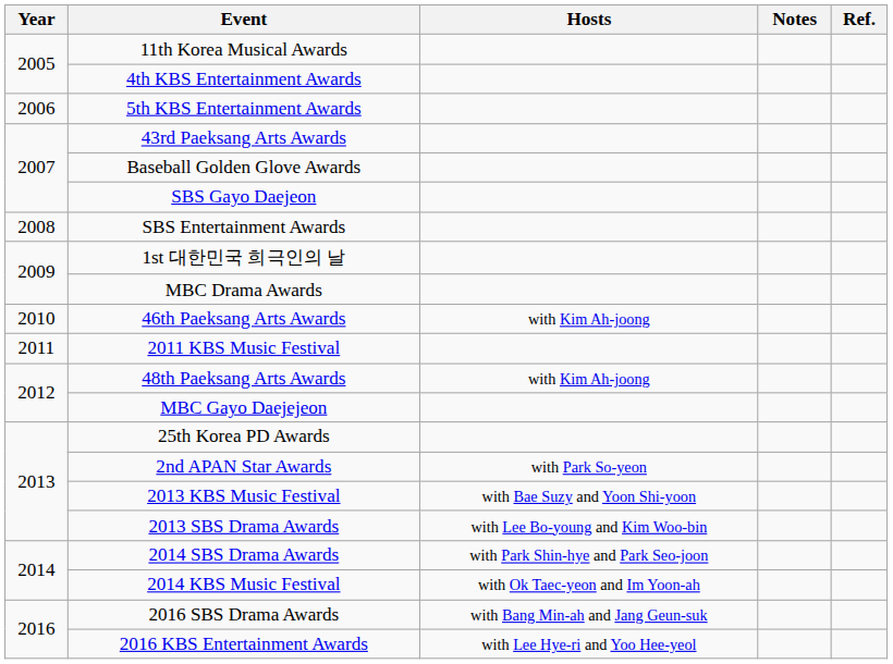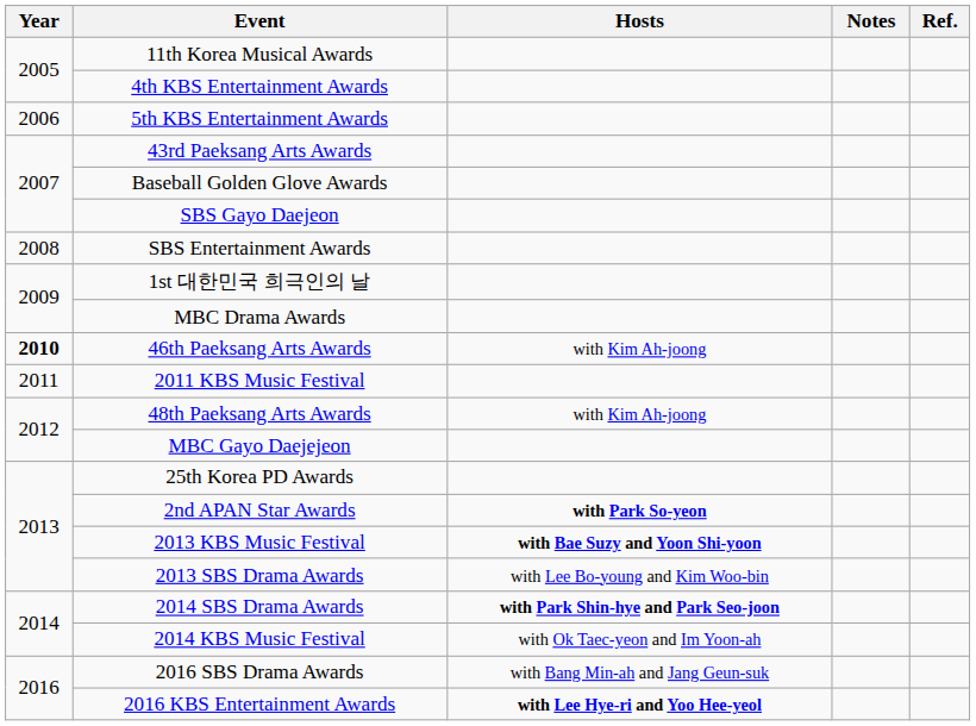 <table class="wikitable" style="text-align:center" width=60%>
 <tr>
 <th>Year</th>
 <th>Event</th>
 <th>Hosts</th>
 <th>Notes</th>
 <th>Ref.</th>
 </tr>
 <tr>
 <td rowspan=2>2005</td>
 <td>11th Korea Musical Awards</td>
 <td></td>
 <td></td>
 <td></td>
 </tr>
 <tr>
 <td><a href='#'>4th KBS Entertainment Awards</a></td>
 <td></td>
 <td></td>
 <td></td>
 </tr>
 <tr>
 <td>2006</td>
 <td><a href='#'>5th KBS Entertainment Awards</a></td>
 <td></td>
 <td></td>
 <td></td>
 </tr>
 <tr>
 <td rowspan=3>2007</td>
 <td><a href='#'>43rd Paeksang Arts Awards</a></td>
 <td></td>
 <td></td>
 <td></td>
 </tr>
 <tr>
 <td>Baseball Golden Glove Awards</td>
 <td></td>
 <td></td>
 <td></td>
 </tr>
 <tr>
 <td><a href='#'>SBS Gayo Daejeon</a></td>
 <td></td>
 <td></td>
 <td></td>
 </tr>
 <tr>
 <td>2008</td>
 <td>SBS Entertainment Awards</td>
 <td></td>
 <td></td>
 <td></td>
 </tr>
 <tr>
 <td rowspan=2>2009</td>
 <td>1st 대한민국 희극인의 날</td>
 <td></td>
 <td></td>
 <td></td>
 </tr>
 <tr>
 <td>MBC Drama Awards</td>
 <td></td>
 <td></td>
 <td></td>
 </tr>
 <tr>
-<td>2010</td>
+<td><strong>2010</strong></td>
 <td><a href='#'>46th Paeksang Arts Awards</a></td>
 <td><small>with <a href='#'>Kim Ah-joong</a></small></td>
 <td></td>
 <td></td>
 </tr>
 <tr>
 <td>2011</td>
 <td><a href='#'>2011 KBS Music Festival</a></td>
 <td></td>
 <td></td>
 <td></td>
 </tr>
 <tr>
 <td rowspan=2>2012</td>
 <td><a href='#'>48th Paeksang Arts Awards</a></td>
 <td><small>with <a href='#'>Kim Ah-joong</a></small></td>
 <td></td>
 <td></td>
 </tr>
 <tr>
 <td><a href='#'>MBC Gayo Daejejeon</a></td>
 <td></td>
 <td></td>
 <td></td>
 </tr>
 <tr>
 <td rowspan=4>2013</td>
 <td>25th Korea PD Awards</td>
 <td></td>
 <td></td>
 <td></td>
 </tr>
 <tr>
 <td><a href='#'>2nd APAN Star Awards</a></td>
-<td><small>with <a href='#'>Park So-yeon</a></small></td>
+<td><strong><small>with <a href='#'>Park So-yeon</a></small></strong></td>
 <td></td>
 <td></td>
 </tr>
 <tr>
 <td><a href='#'>2013 KBS Music Festival</a></td>
-<td><small>with <a href='#'>Bae Suzy</a> and <a href='#'>Yoon Shi-yoon</a></small></td>
+<td><strong><small>with <a href='#'>Bae Suzy</a> and <a href='#'>Yoon Shi-yoon</a></small></strong></td>
 <td></td>
 <td></td>
 </tr>
 <tr>
 <td><a href='#'>2013 SBS Drama Awards</a></td>
 <td><small>with <a href='#'>Lee Bo-young</a> and <a href='#'>Kim Woo-bin</a></small></td>
 <td></td>
 <td></td>
 </tr>
 <tr>
 <td rowspan=2>2014</td>
 <td><a href='#'>2014 SBS Drama Awards</a></td>
-<td><small>with <a href='#'>Park Shin-hye</a> and <a href='#'>Park Seo-joon</a></small></td>
+<td><strong><small>with <a href='#'>Park Shin-hye</a> and <a href='#'>Park Seo-joon</a></small></strong></td>
 <td></td>
 <td></td>
 </tr>
 <tr>
 <td><a href='#'>2014 KBS Music Festival</a></td>
 <td><small>with <a href='#'>Ok Taec-yeon</a> and <a href='#'>Im Yoon-ah</a></small></td>
 <td></td>
 <td></td>
 </tr>
 <tr>
 <td rowspan=2>2016</td>
 <td>2016 SBS Drama Awards</td>
 <td><small>with <a href='#'>Bang Min-ah</a> and <a href='#'>Jang Geun-suk</a></small></td>
 <td></td>
 <td></td>
 </tr>
 <tr>
 <td><a href='#'>2016 KBS Entertainment Awards</a></td>
-<td><small>with <a href='#'>Lee Hye-ri</a> and <a href='#'>Yoo Hee-yeol</a></small></td>
+<td><strong><small>with <a href='#'>Lee Hye-ri</a> and <a href='#'>Yoo Hee-yeol</a></small></strong></td>
 <td></td>
 <td></td>
 </tr>
 </table>
